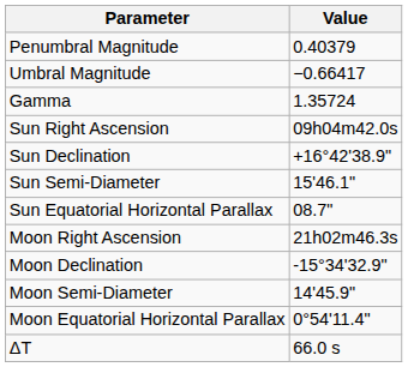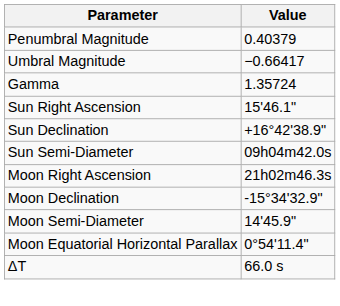 <table class="wikitable">
 <tr>
 <th>Parameter</th>
 <th>Value</th>
 </tr>
 <tr>
 <td>Penumbral Magnitude</td>
 <td>0.40379</td>
 </tr>
 <tr>
 <td>Umbral Magnitude</td>
 <td>−0.66417</td>
 </tr>
 <tr>
 <td>Gamma</td>
 <td>1.35724</td>
 </tr>
 <tr>
 <td>Sun Right Ascension</td>
-<td>09h04m42.0s</td>
+<td>15'46.1"</td>
 </tr>
 <tr>
 <td>Sun Declination</td>
 <td>+16°42'38.9"</td>
 </tr>
 <tr>
 <td>Sun Semi-Diameter</td>
-<td>15'46.1"</td>
-</tr>
-<tr>
-<td>Sun Equatorial Horizontal Parallax</td>
-<td>08.7"</td>
+<td>09h04m42.0s</td>
 </tr>
 <tr>
 <td>Moon Right Ascension</td>
 <td>21h02m46.3s</td>
 </tr>
 <tr>
 <td>Moon Declination</td>
 <td>-15°34'32.9"</td>
 </tr>
 <tr>
 <td>Moon Semi-Diameter</td>
 <td>14'45.9"</td>
 </tr>
 <tr>
 <td>Moon Equatorial Horizontal Parallax</td>
 <td>0°54'11.4"</td>
 </tr>
 <tr>
 <td>ΔT</td>
 <td>66.0 s</td>
 </tr>
 </table>
